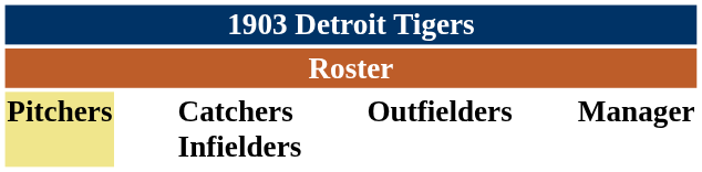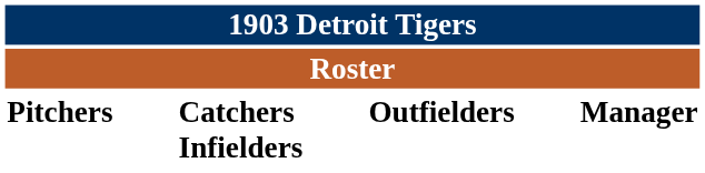 <table class="toccolours" style="font-size: 95%;">
 <tr>
 <th colspan="10" style="background-color: #003366; color: white; text-align: center;">1903 Detroit Tigers</th>
 </tr>
 <tr>
 <td colspan="10" style="background-color: #bd5d29; color: white; text-align: center;"><strong>Roster</strong></td>
 </tr>
 <tr>
-<td valign="top" style="background: khaki;"><strong>Pitchers</strong><br>        </td>
+<td valign="top"><strong>Pitchers</strong><br>        </td>
 <td width="25px"></td>
 <td valign="top"><strong>Catchers</strong><br>  <strong>Infielders</strong>           </td>
 <td width="25px"></td>
 <td valign="top"><strong>Outfielders</strong><br>   </td>
 <td width="25px"></td>
 <td valign="top"><strong>Manager</strong><br></td>
 </tr>
 </table>
